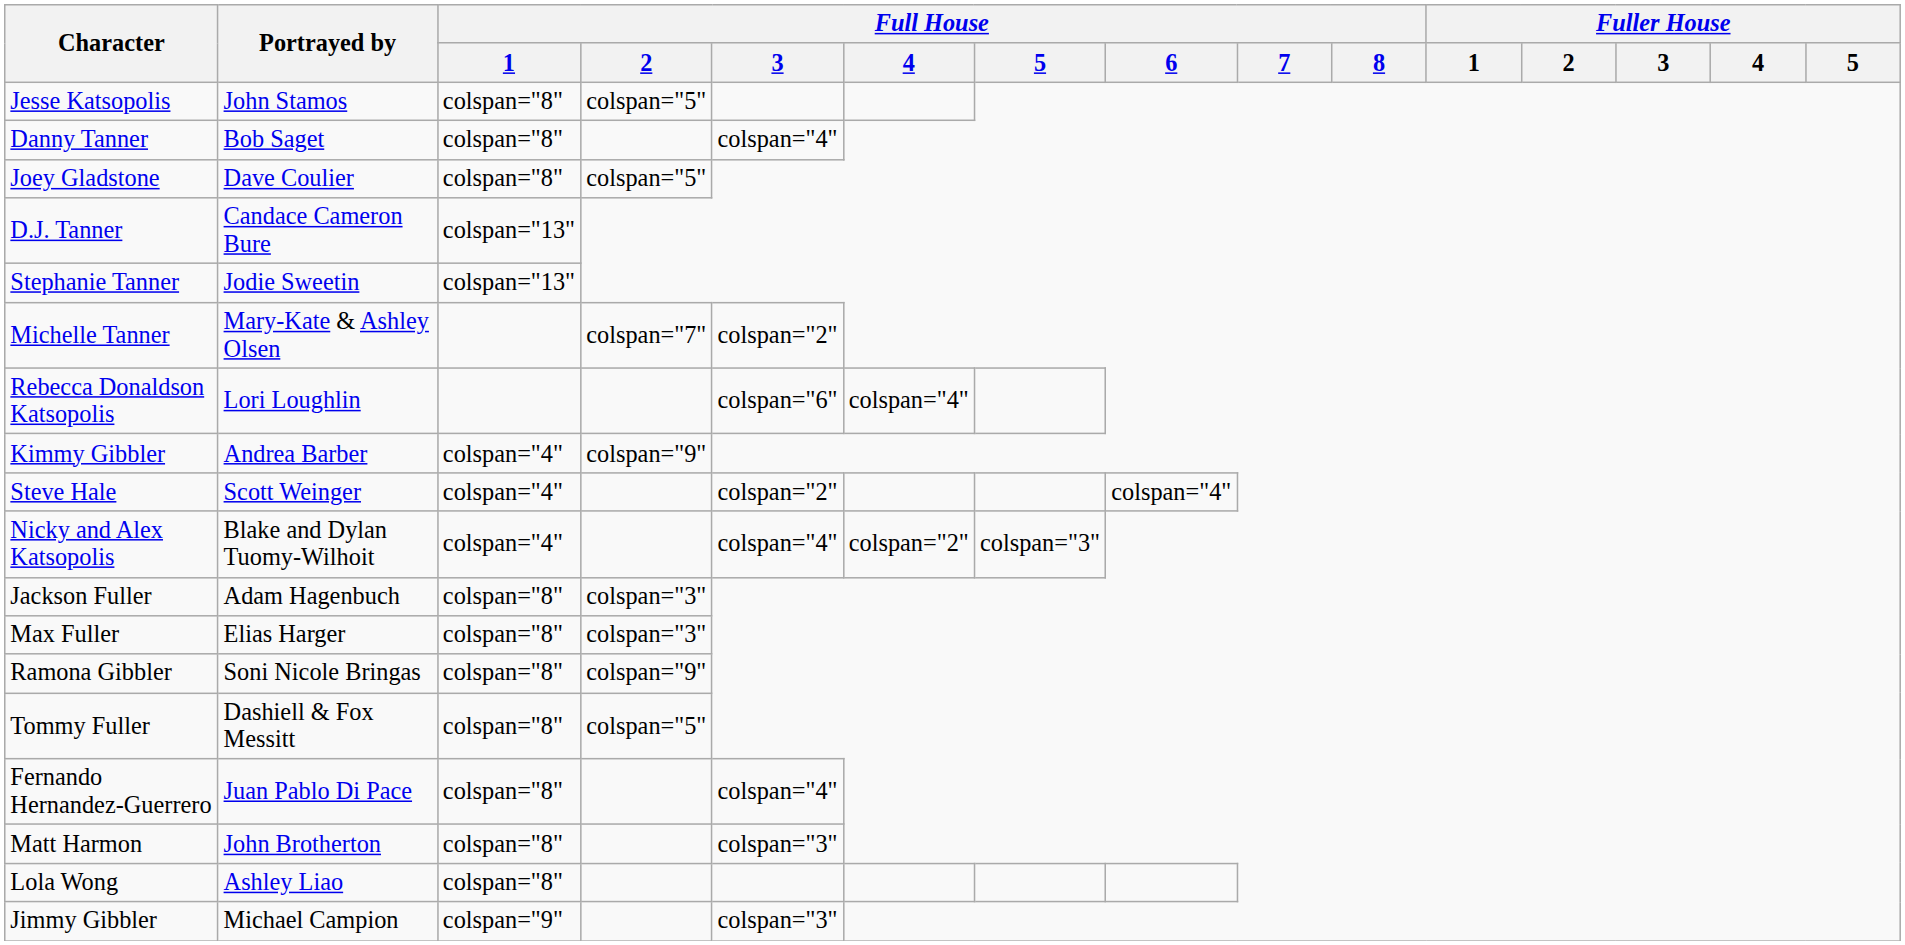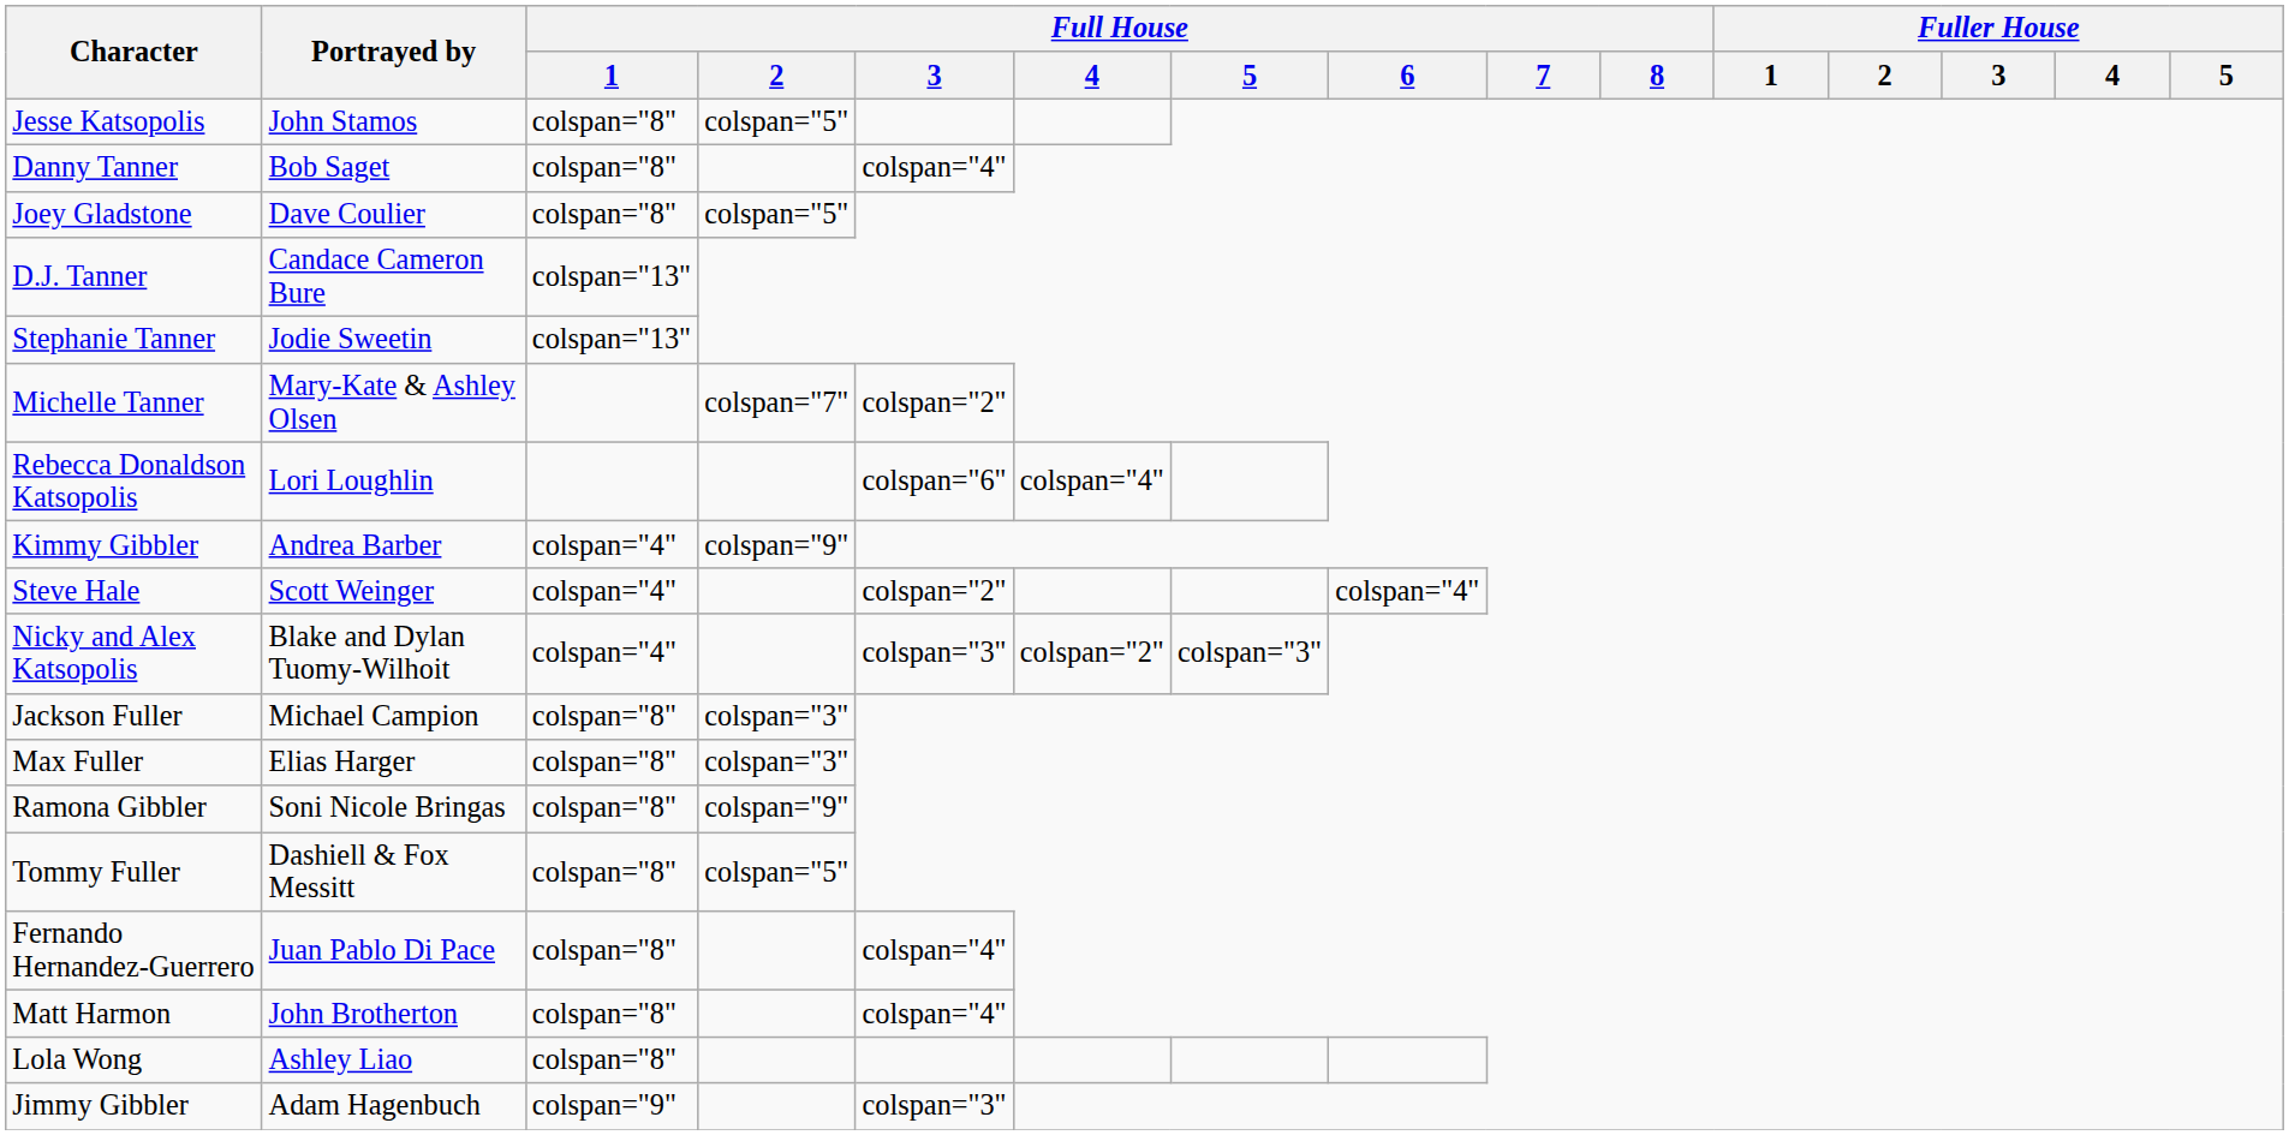 <table class="wikitable plainrowheaders">
 <tr>
 <th scope="col" rowspan="2">Character</th>
 <th scope="col" rowspan="2">Portrayed by</th>
 <th scope="col" colspan="8"><em><a href='#'>Full House</a></em></th>
 <th scope="col" colspan="5"><em><a href='#'>Fuller House</a></em></th>
 </tr>
 <tr>
 <th scope="col" style="width:5%;"><a href='#'>1</a></th>
 <th scope="col" style="width:5%;"><a href='#'>2</a></th>
 <th scope="col" style="width:5%;"><a href='#'>3</a></th>
 <th scope="col" style="width:5%;"><a href='#'>4</a></th>
 <th scope="col" style="width:5%;"><a href='#'>5</a></th>
 <th scope="col" style="width:5%;"><a href='#'>6</a></th>
 <th scope="col" style="width:5%;"><a href='#'>7</a></th>
 <th scope="col" style="width:5%;"><a href='#'>8</a></th>
 <th scope="col" style="width:5%;">1</th>
 <th scope="col" style="width:5%;">2</th>
 <th scope="col" style="width:5%;">3</th>
 <th scope="col" style="width:5%;">4</th>
 <th scope="col" style="width:5%;">5</th>
 </tr>
 <tr>
 <td scope="row"><a href='#'>Jesse Katsopolis</a></td>
 <td><a href='#'>John Stamos</a></td>
 <td>colspan="8" </td>
 <td>colspan="5" </td>
 <td></td>
 <td></td>
 </tr>
 <tr>
 <td scope="row"><a href='#'>Danny Tanner</a></td>
 <td><a href='#'>Bob Saget</a></td>
 <td>colspan="8" </td>
 <td></td>
 <td>colspan="4" </td>
 </tr>
 <tr>
 <td scope="row"><a href='#'>Joey Gladstone</a></td>
 <td><a href='#'>Dave Coulier</a></td>
 <td>colspan="8" </td>
 <td>colspan="5" </td>
 </tr>
 <tr>
 <td scope="row"><a href='#'>D.J. Tanner</a></td>
 <td><a href='#'>Candace Cameron Bure</a></td>
 <td>colspan="13" </td>
 </tr>
 <tr>
 <td scope="row"><a href='#'>Stephanie Tanner</a></td>
 <td><a href='#'>Jodie Sweetin</a></td>
 <td>colspan="13" </td>
 </tr>
 <tr>
 <td scope="row"><a href='#'>Michelle Tanner</a></td>
 <td><a href='#'>Mary-Kate</a> & <a href='#'>Ashley Olsen</a></td>
 <td></td>
 <td>colspan="7" </td>
 <td>colspan="2" </td>
 </tr>
 <tr>
 <td scope="row"><a href='#'>Rebecca Donaldson Katsopolis</a></td>
 <td><a href='#'>Lori Loughlin</a></td>
 <td></td>
 <td></td>
 <td>colspan="6" </td>
 <td>colspan="4" </td>
 <td></td>
 </tr>
 <tr>
 <td scope="row"><a href='#'>Kimmy Gibbler</a></td>
 <td><a href='#'>Andrea Barber</a></td>
 <td>colspan="4" </td>
 <td>colspan="9" </td>
 </tr>
 <tr>
 <td scope="row"><a href='#'>Steve Hale</a></td>
 <td><a href='#'>Scott Weinger</a></td>
 <td>colspan="4" </td>
 <td></td>
 <td>colspan="2" </td>
 <td></td>
 <td></td>
 <td>colspan="4" </td>
 </tr>
 <tr>
 <td scope="row"><a href='#'>Nicky and Alex Katsopolis</a></td>
 <td>Blake and Dylan Tuomy-Wilhoit</td>
 <td>colspan="4" </td>
 <td></td>
-<td>colspan="4" </td>
+<td>colspan="3" </td>
 <td>colspan="2" </td>
 <td>colspan="3" </td>
 </tr>
 <tr>
 <td scope="row">Jackson Fuller</td>
-<td>Adam Hagenbuch</td>
+<td>Michael Campion</td>
 <td>colspan="8" </td>
 <td>colspan="3" </td>
 </tr>
 <tr>
 <td scope="row">Max Fuller</td>
 <td>Elias Harger</td>
 <td>colspan="8" </td>
 <td>colspan="3" </td>
 </tr>
 <tr>
 <td scope="row">Ramona Gibbler</td>
 <td>Soni Nicole Bringas</td>
 <td>colspan="8" </td>
 <td>colspan="9" </td>
 </tr>
 <tr>
 <td scope="row">Tommy Fuller</td>
 <td>Dashiell & Fox Messitt</td>
 <td>colspan="8" </td>
 <td>colspan="5" </td>
 </tr>
 <tr>
 <td scope="row">Fernando Hernandez-Guerrero</td>
 <td><a href='#'>Juan Pablo Di Pace</a></td>
 <td>colspan="8" </td>
 <td></td>
 <td>colspan="4" </td>
 </tr>
 <tr>
 <td scope="row">Matt Harmon</td>
 <td><a href='#'>John Brotherton</a></td>
 <td>colspan="8" </td>
 <td></td>
-<td>colspan="3" </td>
+<td>colspan="4" </td>
 </tr>
 <tr>
 <td scope="row">Lola Wong</td>
 <td><a href='#'>Ashley Liao</a></td>
 <td>colspan="8" </td>
 <td></td>
 <td></td>
 <td></td>
 <td></td>
 <td></td>
 </tr>
 <tr>
 <td scope="row">Jimmy Gibbler</td>
-<td>Michael Campion</td>
+<td>Adam Hagenbuch</td>
 <td>colspan="9" </td>
 <td></td>
 <td>colspan="3" </td>
 </tr>
 </table>
